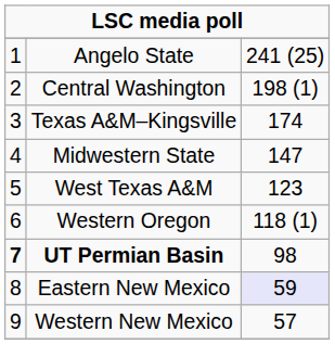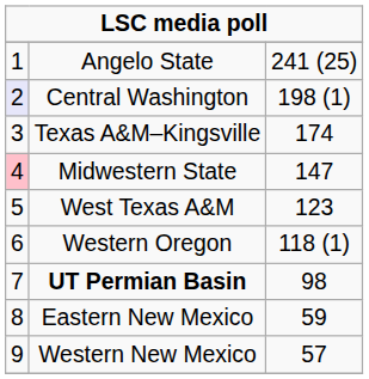 <table class="wikitable" style="display: inline-table;">
 <tr>
 <td align="center" Colspan="3"><strong>LSC media poll</strong></td>
 </tr>
 <tr align="center">
 </tr>
 <tr align="center">
 <td>1</td>
 <td>Angelo State</td>
 <td>241 (25)</td>
 </tr>
 <tr align="center">
-<td>2</td>
+<td style="background: lavender;">2</td>
 <td>Central Washington</td>
 <td>198 (1)</td>
 </tr>
 <tr align="center">
 <td>3</td>
 <td>Texas A&M–Kingsville</td>
 <td>174</td>
 </tr>
 <tr align="center">
-<td>4</td>
+<td style="background: pink;">4</td>
 <td>Midwestern State</td>
 <td>147</td>
 </tr>
 <tr align="center">
 <td>5</td>
 <td>West Texas A&M</td>
 <td>123</td>
 </tr>
 <tr align="center">
 <td>6</td>
 <td>Western Oregon</td>
 <td>118 (1)</td>
 </tr>
 <tr align="center">
-<td><strong>7</strong></td>
+<td>7</td>
 <td><strong>UT Permian Basin</strong></td>
 <td>98</td>
 </tr>
 <tr align="center">
 <td>8</td>
 <td>Eastern New Mexico</td>
-<td style="background: lavender;">59</td>
+<td>59</td>
 </tr>
 <tr align="center">
 <td>9</td>
 <td>Western New Mexico</td>
 <td>57</td>
 </tr>
 <tr>
 </tr>
 </table>
